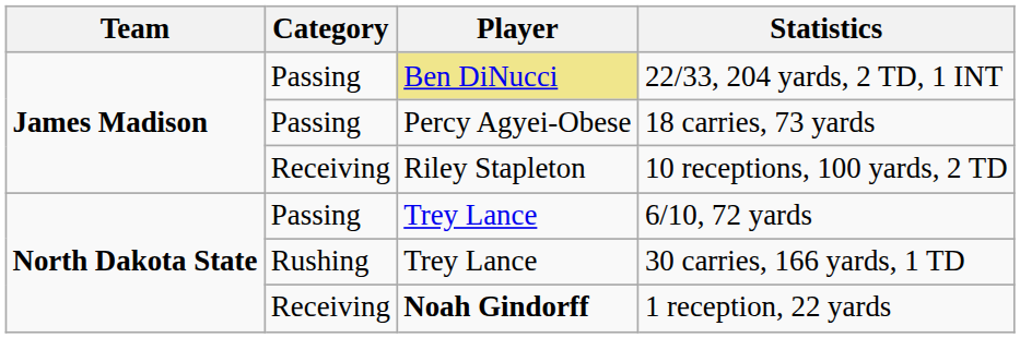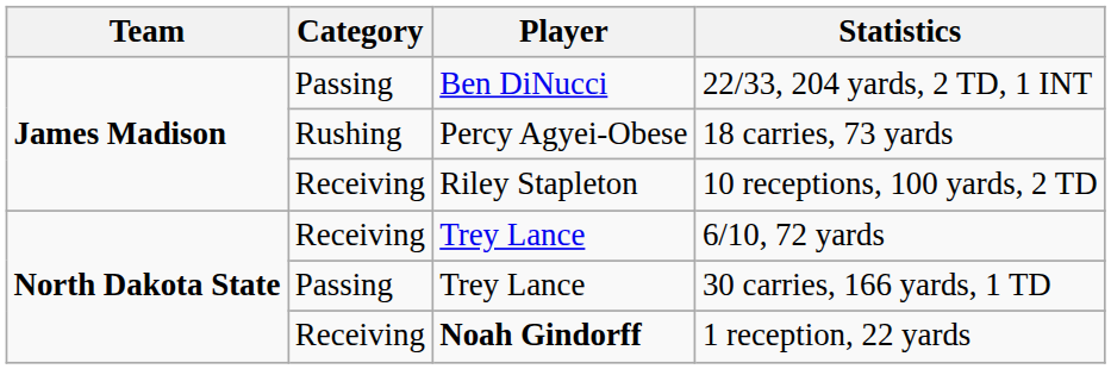 <table class="wikitable" style="float: right;">
 <tr>
 <th>Team</th>
 <th>Category</th>
 <th>Player</th>
 <th>Statistics</th>
 </tr>
 <tr>
 <td rowspan=3><strong>James Madison</strong></td>
 <td>Passing</td>
-<td style="background: khaki;"><a href='#'>Ben DiNucci</a></td>
+<td><a href='#'>Ben DiNucci</a></td>
 <td>22/33, 204 yards, 2 TD, 1 INT</td>
 </tr>
 <tr>
-<td>Passing</td>
+<td>Rushing</td>
 <td>Percy Agyei-Obese</td>
 <td>18 carries, 73 yards</td>
 </tr>
 <tr>
 <td>Receiving</td>
 <td>Riley Stapleton</td>
 <td>10 receptions, 100 yards, 2 TD</td>
 </tr>
 <tr>
 <td rowspan=3><strong>North Dakota State</strong></td>
-<td>Passing</td>
+<td>Receiving</td>
 <td><a href='#'>Trey Lance</a></td>
 <td>6/10, 72 yards</td>
 </tr>
 <tr>
-<td>Rushing</td>
+<td>Passing</td>
 <td>Trey Lance</td>
 <td>30 carries, 166 yards, 1 TD</td>
 </tr>
 <tr>
 <td>Receiving</td>
 <td><strong>Noah Gindorff</strong></td>
 <td>1 reception, 22 yards</td>
 </tr>
 </table>
